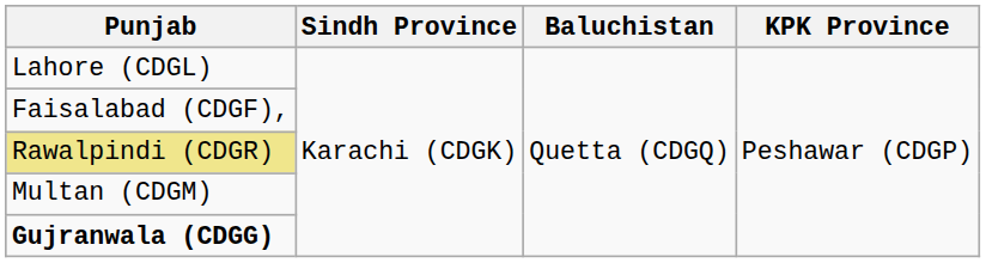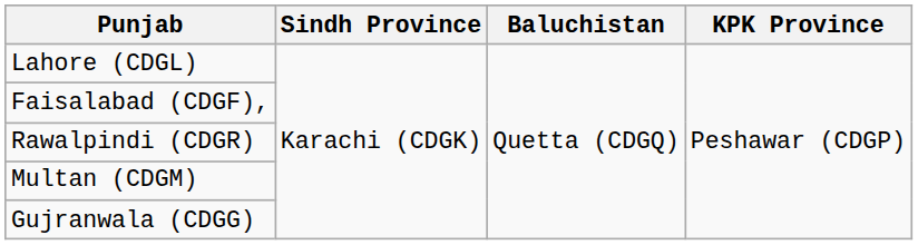 <table class="wikitable">
 <tr>
 <th>Punjab</th>
 <th>Sindh Province</th>
 <th>Baluchistan</th>
 <th>KPK Province</th>
 </tr>
 <tr>
 <td>Lahore (CDGL)</td>
 <td rowspan="5">Karachi (CDGK)</td>
 <td rowspan="5">Quetta (CDGQ)</td>
 <td rowspan="5">Peshawar (CDGP)</td>
 </tr>
 <tr>
 <td>Faisalabad (CDGF),</td>
 </tr>
 <tr>
-<td style="background: khaki;">Rawalpindi (CDGR)</td>
+<td>Rawalpindi (CDGR)</td>
 </tr>
 <tr>
 <td>Multan (CDGM)</td>
 </tr>
 <tr>
-<td><strong>Gujranwala (CDGG)</strong></td>
+<td>Gujranwala (CDGG)</td>
 </tr>
 </table>
